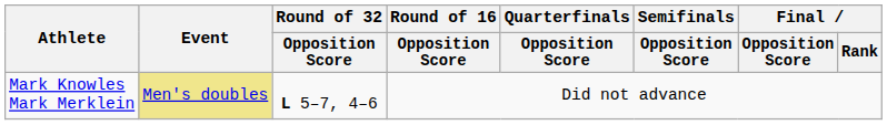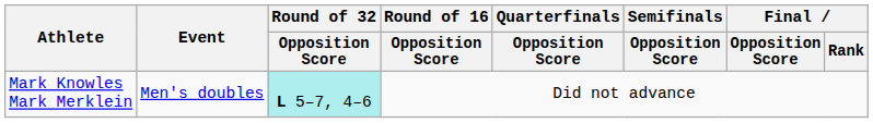 <table class=wikitable style="font-size:90%">
 <tr>
 <th rowspan="2">Athlete</th>
 <th rowspan="2">Event</th>
 <th>Round of 32</th>
 <th>Round of 16</th>
 <th>Quarterfinals</th>
 <th>Semifinals</th>
 <th colspan="2">Final / </th>
 </tr>
 <tr style="font-size:95%">
 <th>Opposition<br>Score</th>
 <th>Opposition<br>Score</th>
 <th>Opposition<br>Score</th>
 <th>Opposition<br>Score</th>
 <th>Opposition<br>Score</th>
 <th>Rank</th>
 </tr>
 <tr align=center>
 <td align=left><a href='#'>Mark Knowles</a><br><a href='#'>Mark Merklein</a></td>
-<td align=left style="background: khaki;"><a href='#'>Men's doubles</a></td>
-<td><br><strong>L</strong> 5–7, 4–6</td>
+<td align=left><a href='#'>Men's doubles</a></td>
+<td style="background: paleturquoise;"><br><strong>L</strong> 5–7, 4–6</td>
 <td colspan=5>Did not advance</td>
 </tr>
 </table>
